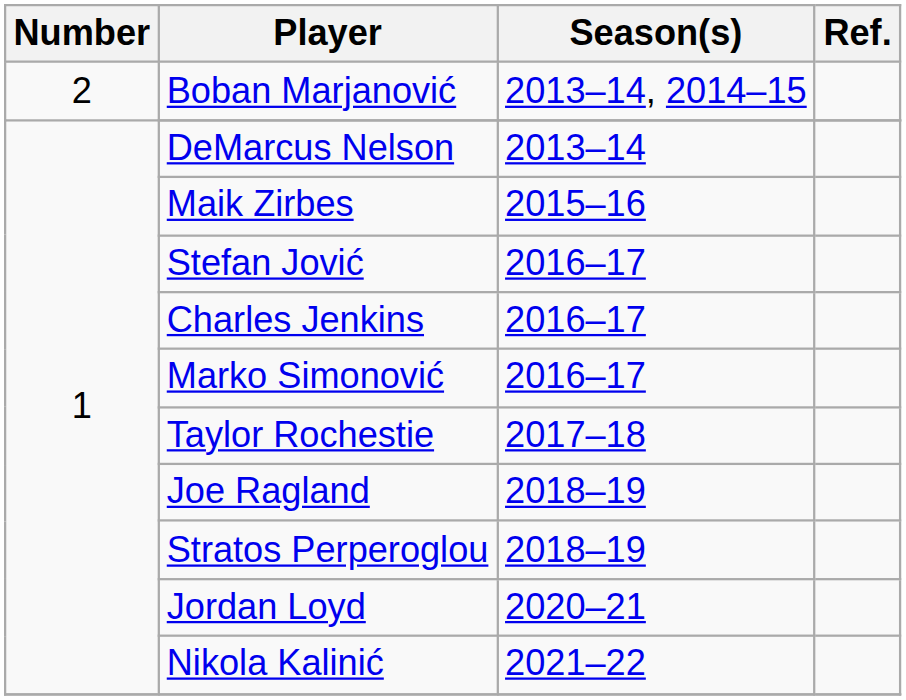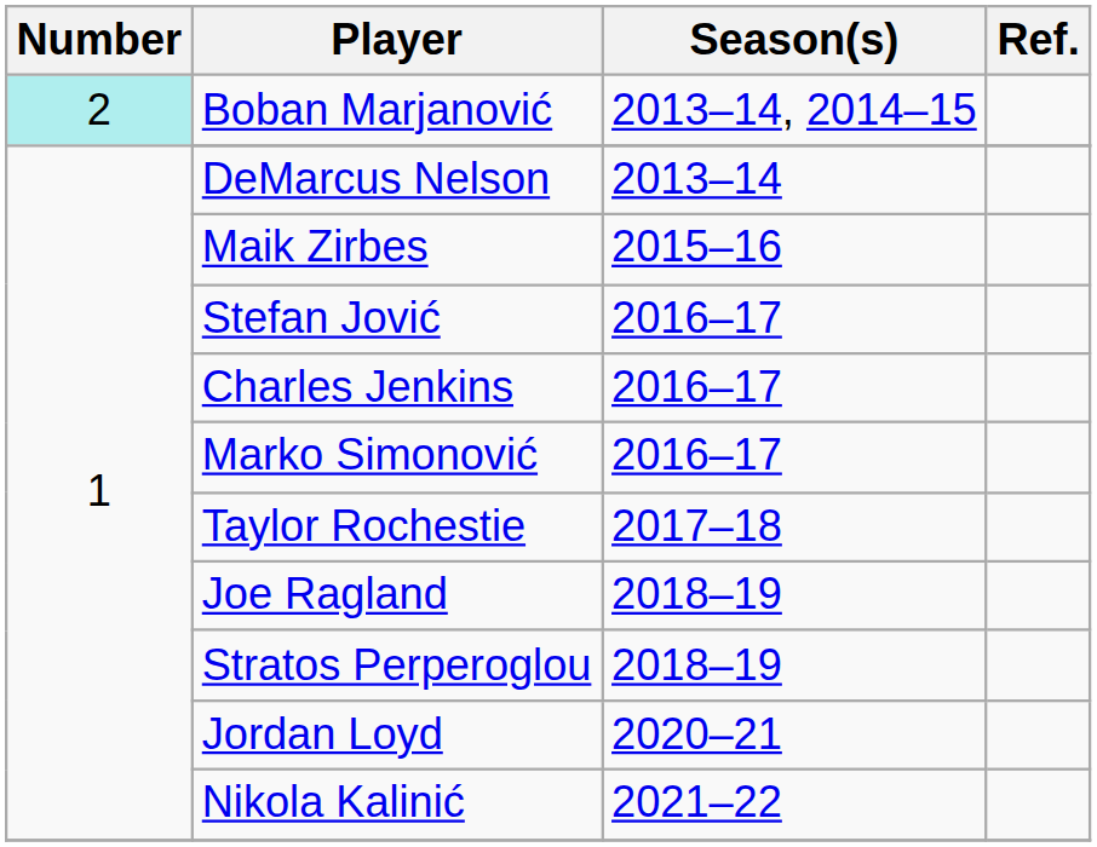 <table class="wikitable">
 <tr>
 <th>Number</th>
 <th>Player</th>
 <th>Season(s)</th>
 <th>Ref.</th>
 </tr>
 <tr>
-<td style="text-align:center;">2</td>
+<td style="background: paleturquoise; text-align:center;">2</td>
 <td> <a href='#'>Boban Marjanović</a></td>
 <td><a href='#'>2013–14</a>, <a href='#'>2014–15</a></td>
 <td></td>
 </tr>
 <tr>
 <td rowspan=11 style="text-align:center;">1</td>
 </tr>
 <tr>
 <td> <a href='#'>DeMarcus Nelson</a></td>
 <td><a href='#'>2013–14</a></td>
 <td></td>
 </tr>
 <tr>
 <td> <a href='#'>Maik Zirbes</a></td>
 <td><a href='#'>2015–16</a></td>
 <td></td>
 </tr>
 <tr>
 <td> <a href='#'>Stefan Jović</a></td>
 <td><a href='#'>2016–17</a></td>
 <td></td>
 </tr>
 <tr>
 <td> <a href='#'>Charles Jenkins</a></td>
 <td><a href='#'>2016–17</a></td>
 <td></td>
 </tr>
 <tr>
 <td> <a href='#'>Marko Simonović</a></td>
 <td><a href='#'>2016–17</a></td>
 <td></td>
 </tr>
 <tr>
 <td> <a href='#'>Taylor Rochestie</a></td>
 <td><a href='#'>2017–18</a></td>
 <td></td>
 </tr>
 <tr>
 <td> <a href='#'>Joe Ragland</a></td>
 <td><a href='#'>2018–19</a></td>
 <td></td>
 </tr>
 <tr>
 <td> <a href='#'>Stratos Perperoglou</a></td>
 <td><a href='#'>2018–19</a></td>
 <td></td>
 </tr>
 <tr>
 <td> <a href='#'>Jordan Loyd</a></td>
 <td><a href='#'>2020–21</a></td>
 <td></td>
 </tr>
 <tr>
 <td> <a href='#'>Nikola Kalinić</a></td>
 <td><a href='#'>2021–22</a></td>
 <td></td>
 </tr>
 <tr>
 </tr>
 </table>
